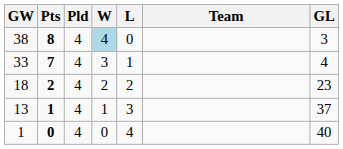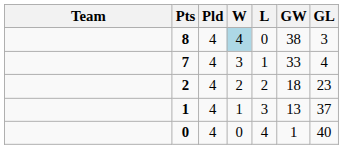 <table class=wikitable style="text-align:center">
 <tr>
-<th width=20>GW</th>
+<th width=175>Team</th>
 <th width=20>Pts</th>
 <th width=20>Pld</th>
 <th width=20>W</th>
 <th width=20>L</th>
-<th width=175>Team</th>
+<th width=20>GW</th>
 <th width=20>GL</th>
 </tr>
 <tr>
-<td>38</td>
+<td style="text-align:left"></td>
 <td><strong>8</strong></td>
 <td>4</td>
 <td style="background: lightblue;">4</td>
 <td>0</td>
-<td style="text-align:left"></td>
+<td>38</td>
 <td>3</td>
 </tr>
 <tr>
-<td>33</td>
+<td style="text-align:left"></td>
 <td><strong>7</strong></td>
 <td>4</td>
 <td>3</td>
 <td>1</td>
-<td style="text-align:left"></td>
+<td>33</td>
 <td>4</td>
 </tr>
 <tr>
-<td>18</td>
+<td style="text-align:left"></td>
 <td><strong>2</strong></td>
 <td>4</td>
 <td>2</td>
 <td>2</td>
-<td style="text-align:left"></td>
+<td>18</td>
 <td>23</td>
 </tr>
 <tr>
-<td>13</td>
+<td style="text-align:left"></td>
 <td><strong>1</strong></td>
 <td>4</td>
 <td>1</td>
 <td>3</td>
-<td style="text-align:left"></td>
+<td>13</td>
 <td>37</td>
 </tr>
 <tr>
-<td>1</td>
+<td style="text-align:left"></td>
 <td><strong>0</strong></td>
 <td>4</td>
 <td>0</td>
 <td>4</td>
-<td style="text-align:left"></td>
+<td>1</td>
 <td>40</td>
 </tr>
 </table>
